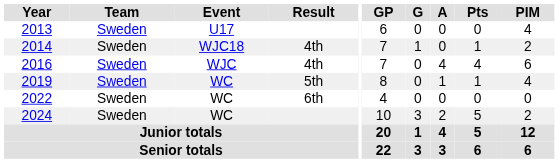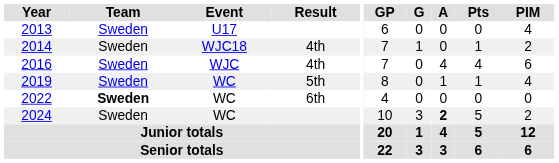 <table border="0" cellpadding="1" cellspacing="0" ID="Table3" style="text-align:center; width:40em;">
 <tr bgcolor="#e0e0e0">
 <th>Year</th>
 <th>Team</th>
 <th>Event</th>
 <th>Result</th>
 <th rowspan="99" bgcolor="#ffffff"></th>
 <th>GP</th>
 <th>G</th>
 <th>A</th>
 <th>Pts</th>
 <th>PIM</th>
 </tr>
 <tr>
 <td><a href='#'>2013</a></td>
 <td><a href='#'>Sweden</a></td>
 <td><a href='#'>U17</a></td>
 <td></td>
 <td>6</td>
 <td>0</td>
 <td>0</td>
 <td>0</td>
 <td>4</td>
 </tr>
 <tr bgcolor="#f0f0f0">
 <td><a href='#'>2014</a></td>
 <td>Sweden</td>
 <td><a href='#'>WJC18</a></td>
 <td>4th</td>
 <td>7</td>
 <td>1</td>
 <td>0</td>
 <td>1</td>
 <td>2</td>
 </tr>
 <tr>
 <td><a href='#'>2016</a></td>
 <td><a href='#'>Sweden</a></td>
 <td><a href='#'>WJC</a></td>
 <td>4th</td>
 <td>7</td>
 <td>0</td>
 <td>4</td>
 <td>4</td>
 <td>6</td>
 </tr>
 <tr bgcolor="#f0f0f0">
 <td><a href='#'>2019</a></td>
 <td><a href='#'>Sweden</a></td>
 <td><a href='#'>WC</a></td>
 <td>5th</td>
 <td>8</td>
 <td>0</td>
 <td>1</td>
 <td>1</td>
 <td>4</td>
 </tr>
 <tr>
 <td><a href='#'>2022</a></td>
-<td>Sweden</td>
+<td><strong>Sweden</strong></td>
 <td>WC</td>
 <td>6th</td>
 <td>4</td>
 <td>0</td>
 <td>0</td>
 <td>0</td>
 <td>0</td>
 </tr>
 <tr bgcolor="#f0f0f0">
 <td><a href='#'>2024</a></td>
 <td>Sweden</td>
 <td>WC</td>
 <td></td>
 <td>10</td>
 <td>3</td>
-<td>2</td>
+<td><strong>2</strong></td>
 <td>5</td>
 <td>2</td>
 </tr>
 <tr bgcolor="#e0e0e0">
 <th colspan="4">Junior totals</th>
 <th>20</th>
 <th>1</th>
 <th>4</th>
 <th>5</th>
 <th>12</th>
 </tr>
 <tr bgcolor="#e0e0e0">
 <th colspan="4">Senior totals</th>
 <th>22</th>
 <th>3</th>
 <th>3</th>
 <th>6</th>
 <th>6</th>
 </tr>
 </table>
